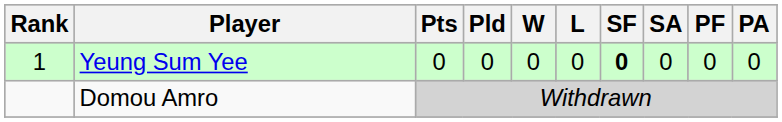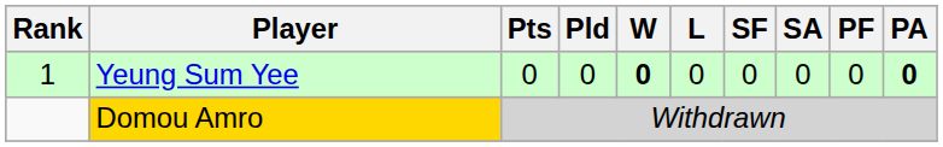 <table class=wikitable style="text-align:center; font-size:90%">
 <tr>
 <th width="20">Rank</th>
 <th width="200">Player</th>
 <th width="20">Pts</th>
 <th width="20">Pld</th>
 <th width="20">W</th>
 <th width="20">L</th>
 <th width="20">SF</th>
 <th width="20">SA</th>
 <th width="20">PF</th>
 <th width="20">PA</th>
 </tr>
 <tr bgcolor="#ccffcc">
 <td>1</td>
 <td style="text-align:left"> <a href='#'>Yeung Sum Yee</a></td>
 <td>0</td>
 <td>0</td>
-<td>0</td>
-<td>0</td>
 <td><strong>0</strong></td>
 <td>0</td>
 <td>0</td>
 <td>0</td>
+<td>0</td>
+<td><strong>0</strong></td>
 </tr>
 <tr>
 <td></td>
-<td style="text-align:left"> Domou Amro</td>
+<td style="background: gold; text-align:left"> Domou Amro</td>
 <td bgcolor="lightgray" colspan="8"><em>Withdrawn</em></td>
 </tr>
 </table>
